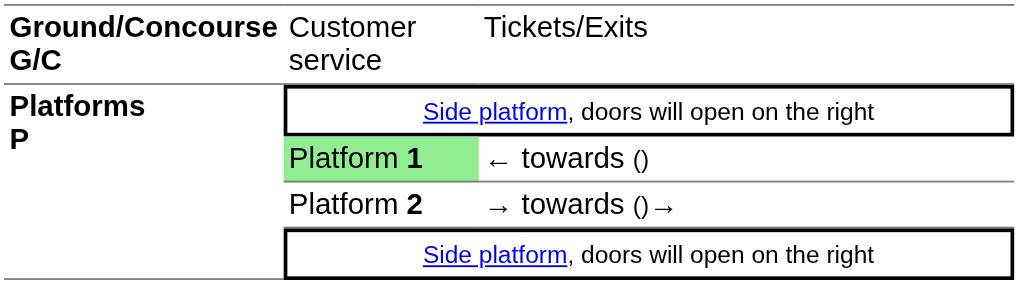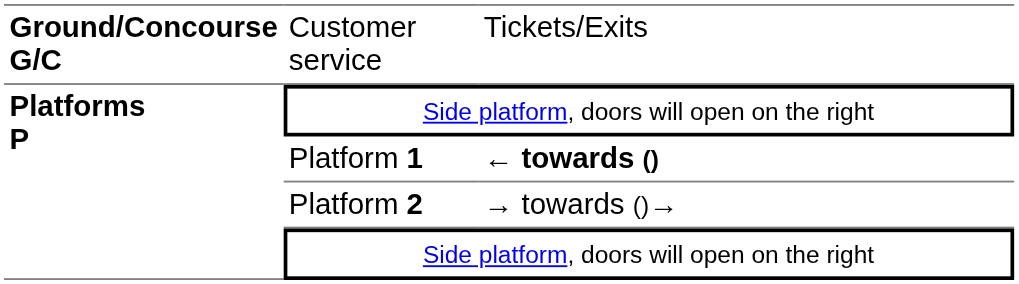 <table table border=0 cellspacing=0 cellpadding=3>
 <tr>
 <td style="border-bottom:solid 1px gray;border-top:solid 1px gray;" width=50 valign=top><strong>Ground/Concourse<br>G/C</strong></td>
 <td style="border-top:solid 1px gray;border-bottom:solid 1px gray;" width=100 valign=top>Customer service</td>
 <td style="border-top:solid 1px gray;border-bottom:solid 1px gray;" width=285 valign=top>Tickets/Exits</td>
 </tr>
 <tr>
 <td style="border-bottom:solid 1px gray;" rowspan=4 valign=top><strong>Platforms<br>P</strong></td>
 <td style="border-top:solid 2px black;border-right:solid 2px black;border-left:solid 2px black;border-bottom:solid 2px black;text-align:center;" colspan=2><small><a href='#'>Side platform</a>, doors will open on the right</small></td>
 </tr>
 <tr>
-<td style="background: lightgreen; border-bottom:solid 1px gray;">Platform <span><strong>1</strong></span></td>
-<td style="border-bottom:solid 1px gray;">←  towards  <small>()</small></td>
+<td style="border-bottom:solid 1px gray;">Platform <span><strong>1</strong></span></td>
+<td style="border-bottom:solid 1px gray;"><strong>←  towards  <small>()</small></strong></td>
 </tr>
 <tr>
 <td style="border-bottom:solid 1px gray;">Platform <span><strong>2</strong></span></td>
 <td style="border-bottom:solid 1px gray;"><span>→</span>  towards  <small>()</small>→</td>
 </tr>
 <tr>
 <td style="border-top:solid 2px black;border-left:solid 2px black;border-right:solid 2px black;border-bottom:solid 2px black;text-align:center;" colspan=2><small><a href='#'>Side platform</a>, doors will open on the right</small></td>
 </tr>
 </table>
